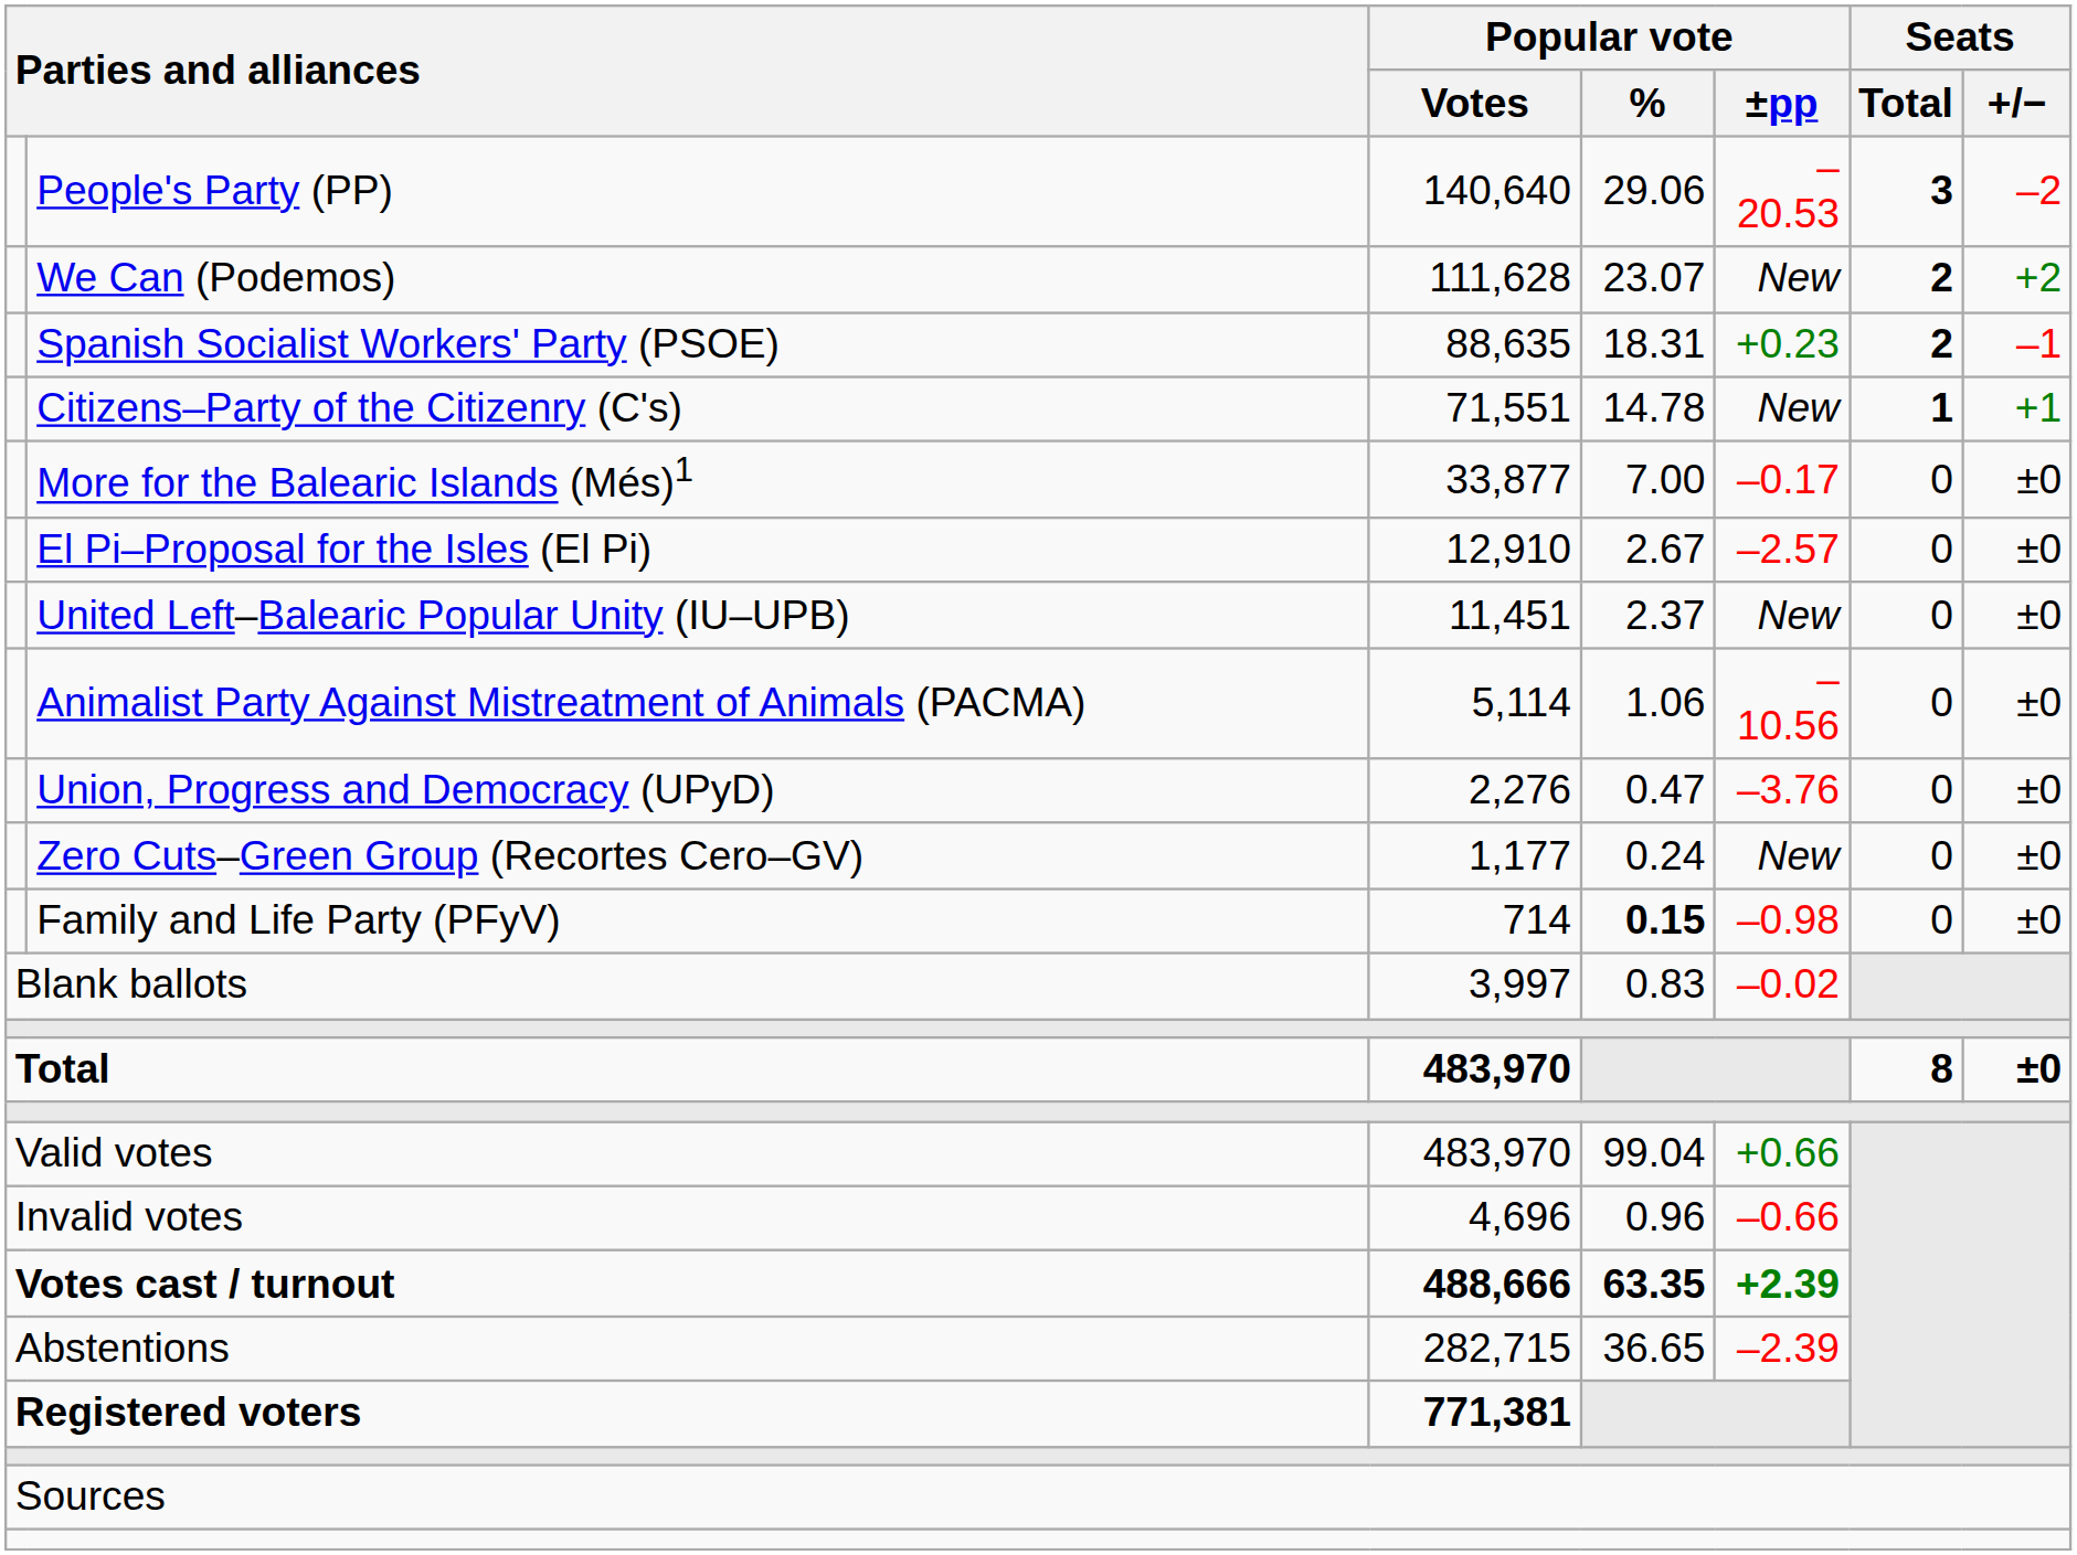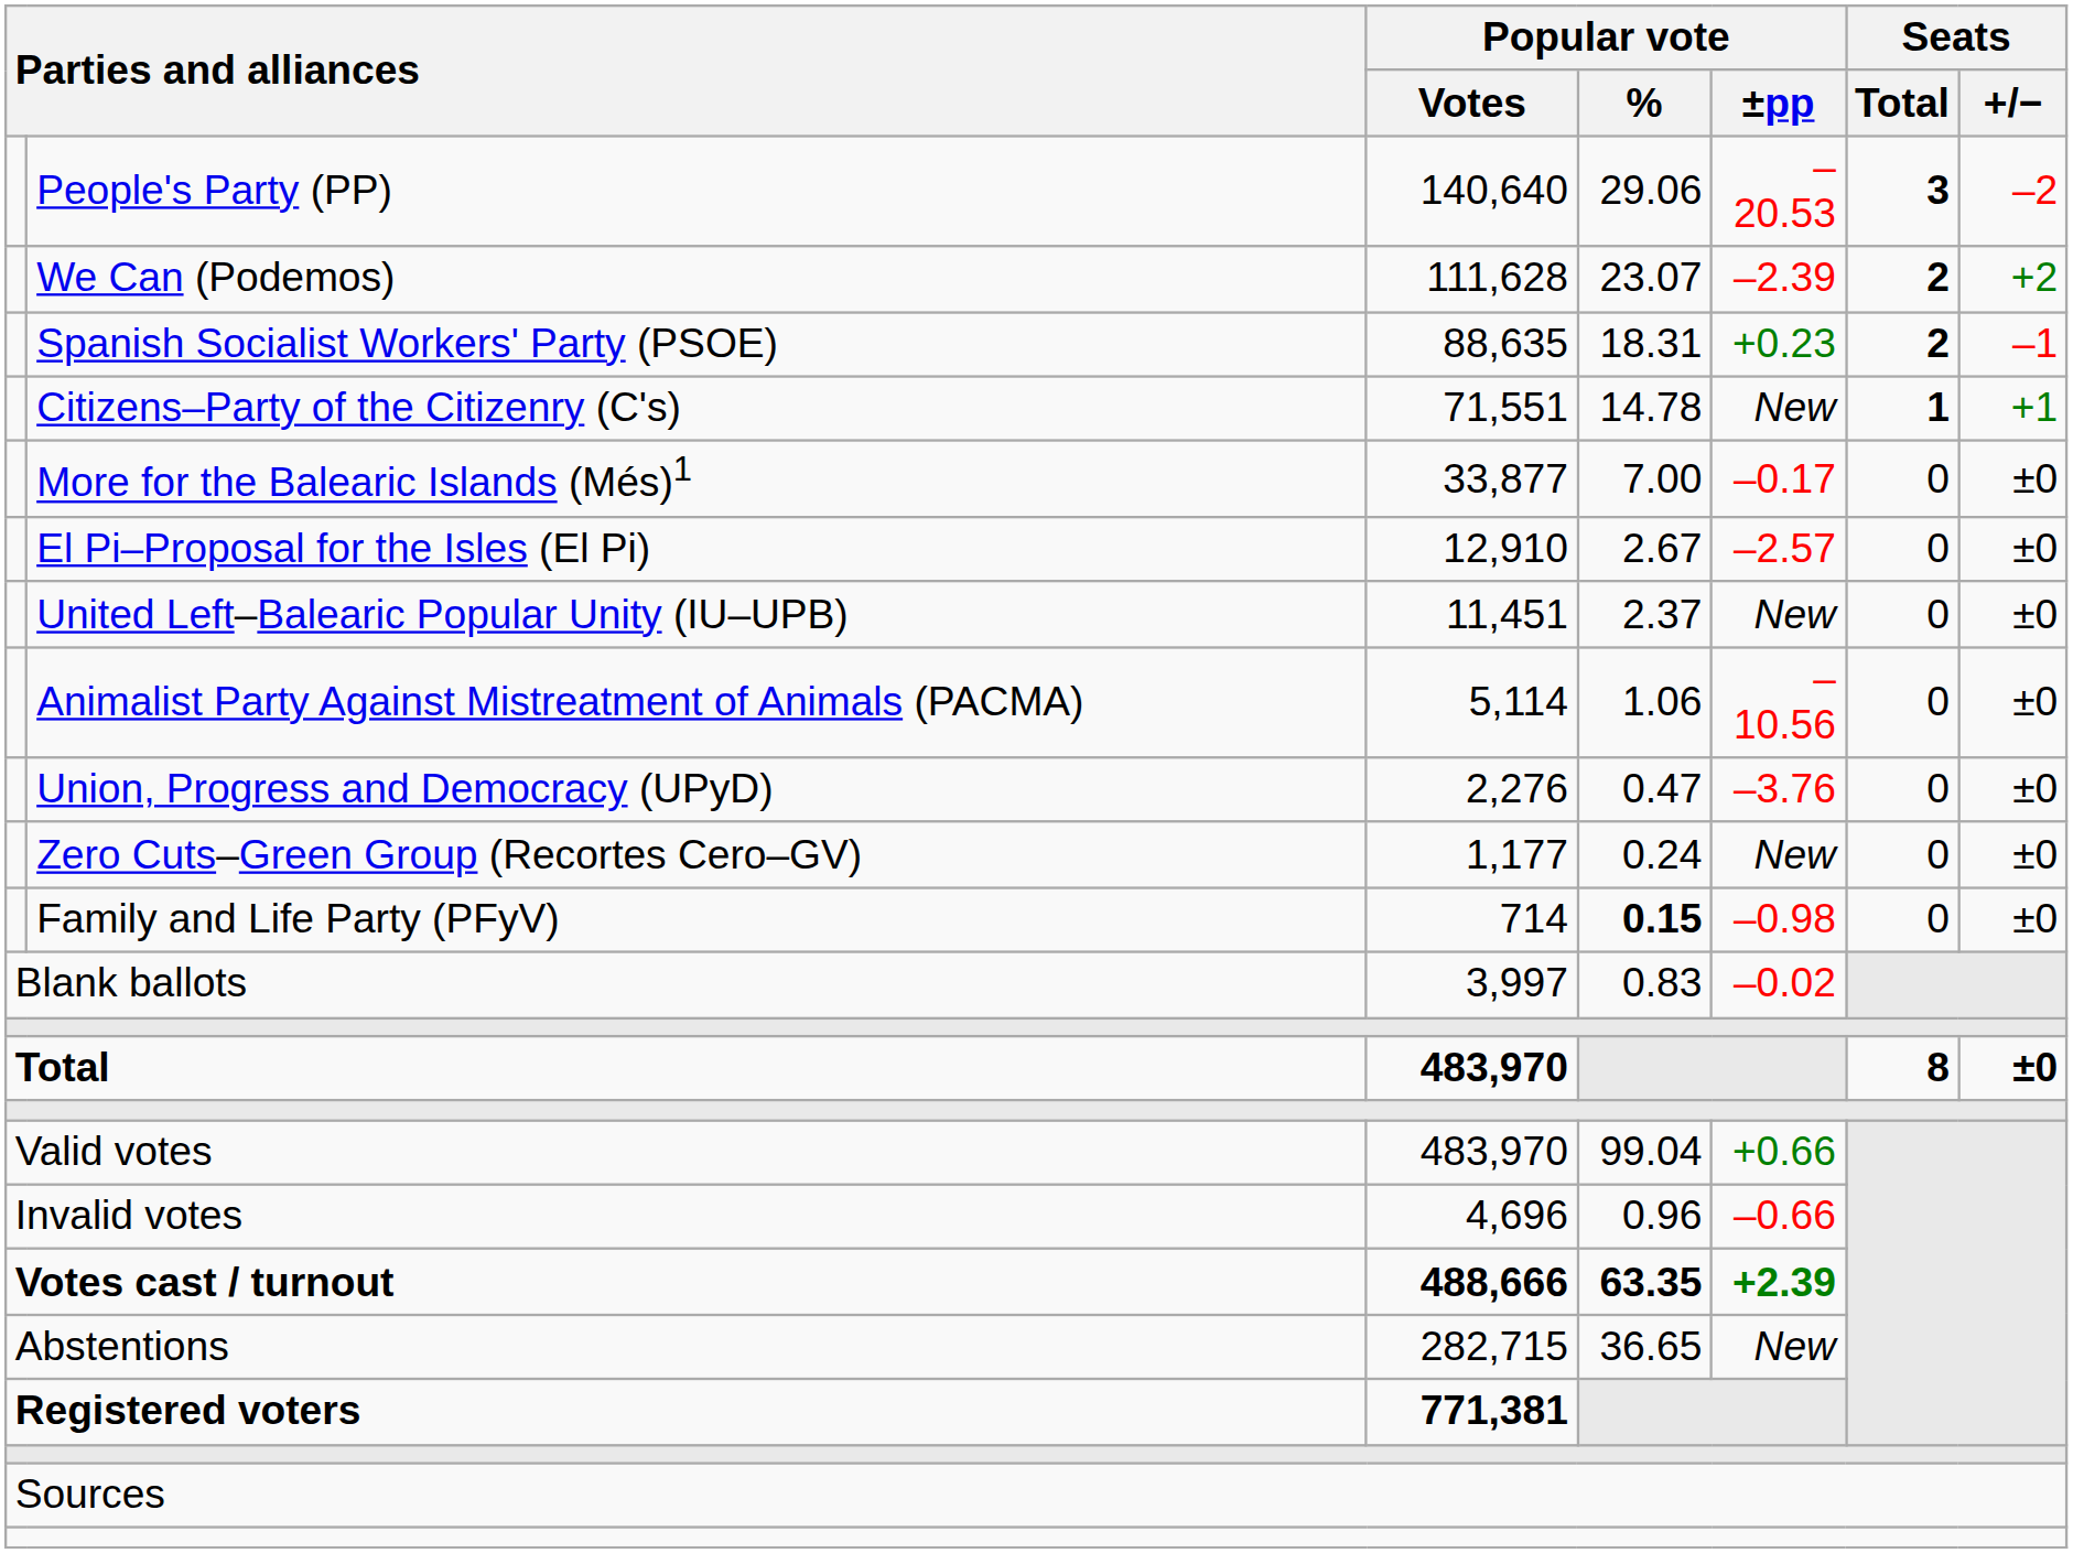 <table class="wikitable" style="text-align:right;">
 <tr>
 <th style="text-align:left;" rowspan="2" colspan="2" width="525">Parties and alliances</th>
 <th colspan="3">Popular vote</th>
 <th colspan="2">Seats</th>
 </tr>
 <tr>
 <th width="75">Votes</th>
 <th width="45">%</th>
 <th width="45">±<a href='#'>pp</a></th>
 <th width="35">Total</th>
 <th width="35">+/−</th>
 </tr>
 <tr>
 <td width="1" style="color:inherit;background:"></td>
 <td align="left"><a href='#'>People's Party</a> (PP)</td>
 <td>140,640</td>
 <td>29.06</td>
 <td style="color:red;">–20.53</td>
 <td><strong>3</strong></td>
 <td style="color:red;">–2</td>
 </tr>
 <tr>
 <td style="color:inherit;background:"></td>
 <td align="left"><a href='#'>We Can</a> (Podemos)</td>
 <td>111,628</td>
 <td>23.07</td>
-<td><em>New</em></td>
+<td style="color:red;">–2.39</td>
 <td><strong>2</strong></td>
 <td style="color:green;">+2</td>
 </tr>
 <tr>
 <td style="color:inherit;background:"></td>
 <td align="left"><a href='#'>Spanish Socialist Workers' Party</a> (PSOE)</td>
 <td>88,635</td>
 <td>18.31</td>
 <td style="color:green;">+0.23</td>
 <td><strong>2</strong></td>
 <td style="color:red;">–1</td>
 </tr>
 <tr>
 <td style="color:inherit;background:"></td>
 <td align="left"><a href='#'>Citizens–Party of the Citizenry</a> (C's)</td>
 <td>71,551</td>
 <td>14.78</td>
 <td><em>New</em></td>
 <td><strong>1</strong></td>
 <td style="color:green;">+1</td>
 </tr>
 <tr>
 <td style="color:inherit;background:"></td>
 <td align="left"><a href='#'>More for the Balearic Islands</a> (Més)<sup>1</sup></td>
 <td>33,877</td>
 <td>7.00</td>
 <td style="color:red;">–0.17</td>
 <td>0</td>
 <td>±0</td>
 </tr>
 <tr>
 <td style="color:inherit;background:"></td>
 <td align="left"><a href='#'>El Pi–Proposal for the Isles</a> (El Pi)</td>
 <td>12,910</td>
 <td>2.67</td>
 <td style="color:red;">–2.57</td>
 <td>0</td>
 <td>±0</td>
 </tr>
 <tr>
 <td style="color:inherit;background:"></td>
 <td align="left"><a href='#'>United Left</a>–<a href='#'>Balearic Popular Unity</a> (IU–UPB)</td>
 <td>11,451</td>
 <td>2.37</td>
 <td><em>New</em></td>
 <td>0</td>
 <td>±0</td>
 </tr>
 <tr>
 <td style="color:inherit;background:"></td>
 <td align="left"><a href='#'>Animalist Party Against Mistreatment of Animals</a> (PACMA)</td>
 <td>5,114</td>
 <td>1.06</td>
 <td style="color:red;">–10.56</td>
 <td>0</td>
 <td>±0</td>
 </tr>
 <tr>
 <td style="color:inherit;background:"></td>
 <td align="left"><a href='#'>Union, Progress and Democracy</a> (UPyD)</td>
 <td>2,276</td>
 <td>0.47</td>
 <td style="color:red;">–3.76</td>
 <td>0</td>
 <td>±0</td>
 </tr>
 <tr>
 <td style="color:inherit;background:"></td>
 <td align="left"><a href='#'>Zero Cuts</a>–<a href='#'>Green Group</a> (Recortes Cero–GV)</td>
 <td>1,177</td>
 <td>0.24</td>
 <td><em>New</em></td>
 <td>0</td>
 <td>±0</td>
 </tr>
 <tr>
 <td style="color:inherit;background:"></td>
 <td align="left">Family and Life Party (PFyV)</td>
 <td>714</td>
 <td><strong>0.15</strong></td>
 <td style="color:red;">–0.98</td>
 <td>0</td>
 <td>±0</td>
 </tr>
 <tr>
 <td align="left" colspan="2">Blank ballots</td>
 <td>3,997</td>
 <td>0.83</td>
 <td style="color:red;">–0.02</td>
 <td bgcolor="#E9E9E9" colspan="2"></td>
 </tr>
 <tr>
 <td colspan="7" bgcolor="#E9E9E9"></td>
 </tr>
 <tr style="font-weight:bold;">
 <td align="left" colspan="2">Total</td>
 <td>483,970</td>
 <td bgcolor="#E9E9E9" colspan="2"></td>
 <td>8</td>
 <td>±0</td>
 </tr>
 <tr>
 <td colspan="7" bgcolor="#E9E9E9"></td>
 </tr>
 <tr>
 <td align="left" colspan="2">Valid votes</td>
 <td>483,970</td>
 <td>99.04</td>
 <td style="color:green;">+0.66</td>
 <td bgcolor="#E9E9E9" colspan="2" rowspan="5"></td>
 </tr>
 <tr>
 <td align="left" colspan="2">Invalid votes</td>
 <td>4,696</td>
 <td>0.96</td>
 <td style="color:red;">–0.66</td>
 </tr>
 <tr style="font-weight:bold;">
 <td align="left" colspan="2">Votes cast / turnout</td>
 <td>488,666</td>
 <td>63.35</td>
 <td style="color:green;">+2.39</td>
 </tr>
 <tr>
 <td align="left" colspan="2">Abstentions</td>
 <td>282,715</td>
 <td>36.65</td>
-<td style="color:red;">–2.39</td>
+<td><em>New</em></td>
 </tr>
 <tr style="font-weight:bold;">
 <td align="left" colspan="2">Registered voters</td>
 <td>771,381</td>
 <td bgcolor="#E9E9E9" colspan="2"></td>
 </tr>
 <tr>
 <td colspan="7" bgcolor="#E9E9E9"></td>
 </tr>
 <tr>
 <td align="left" colspan="7">Sources</td>
 </tr>
 <tr>
 <td colspan="7" style="text-align:left; max-width:790px;"></td>
 </tr>
 </table>
